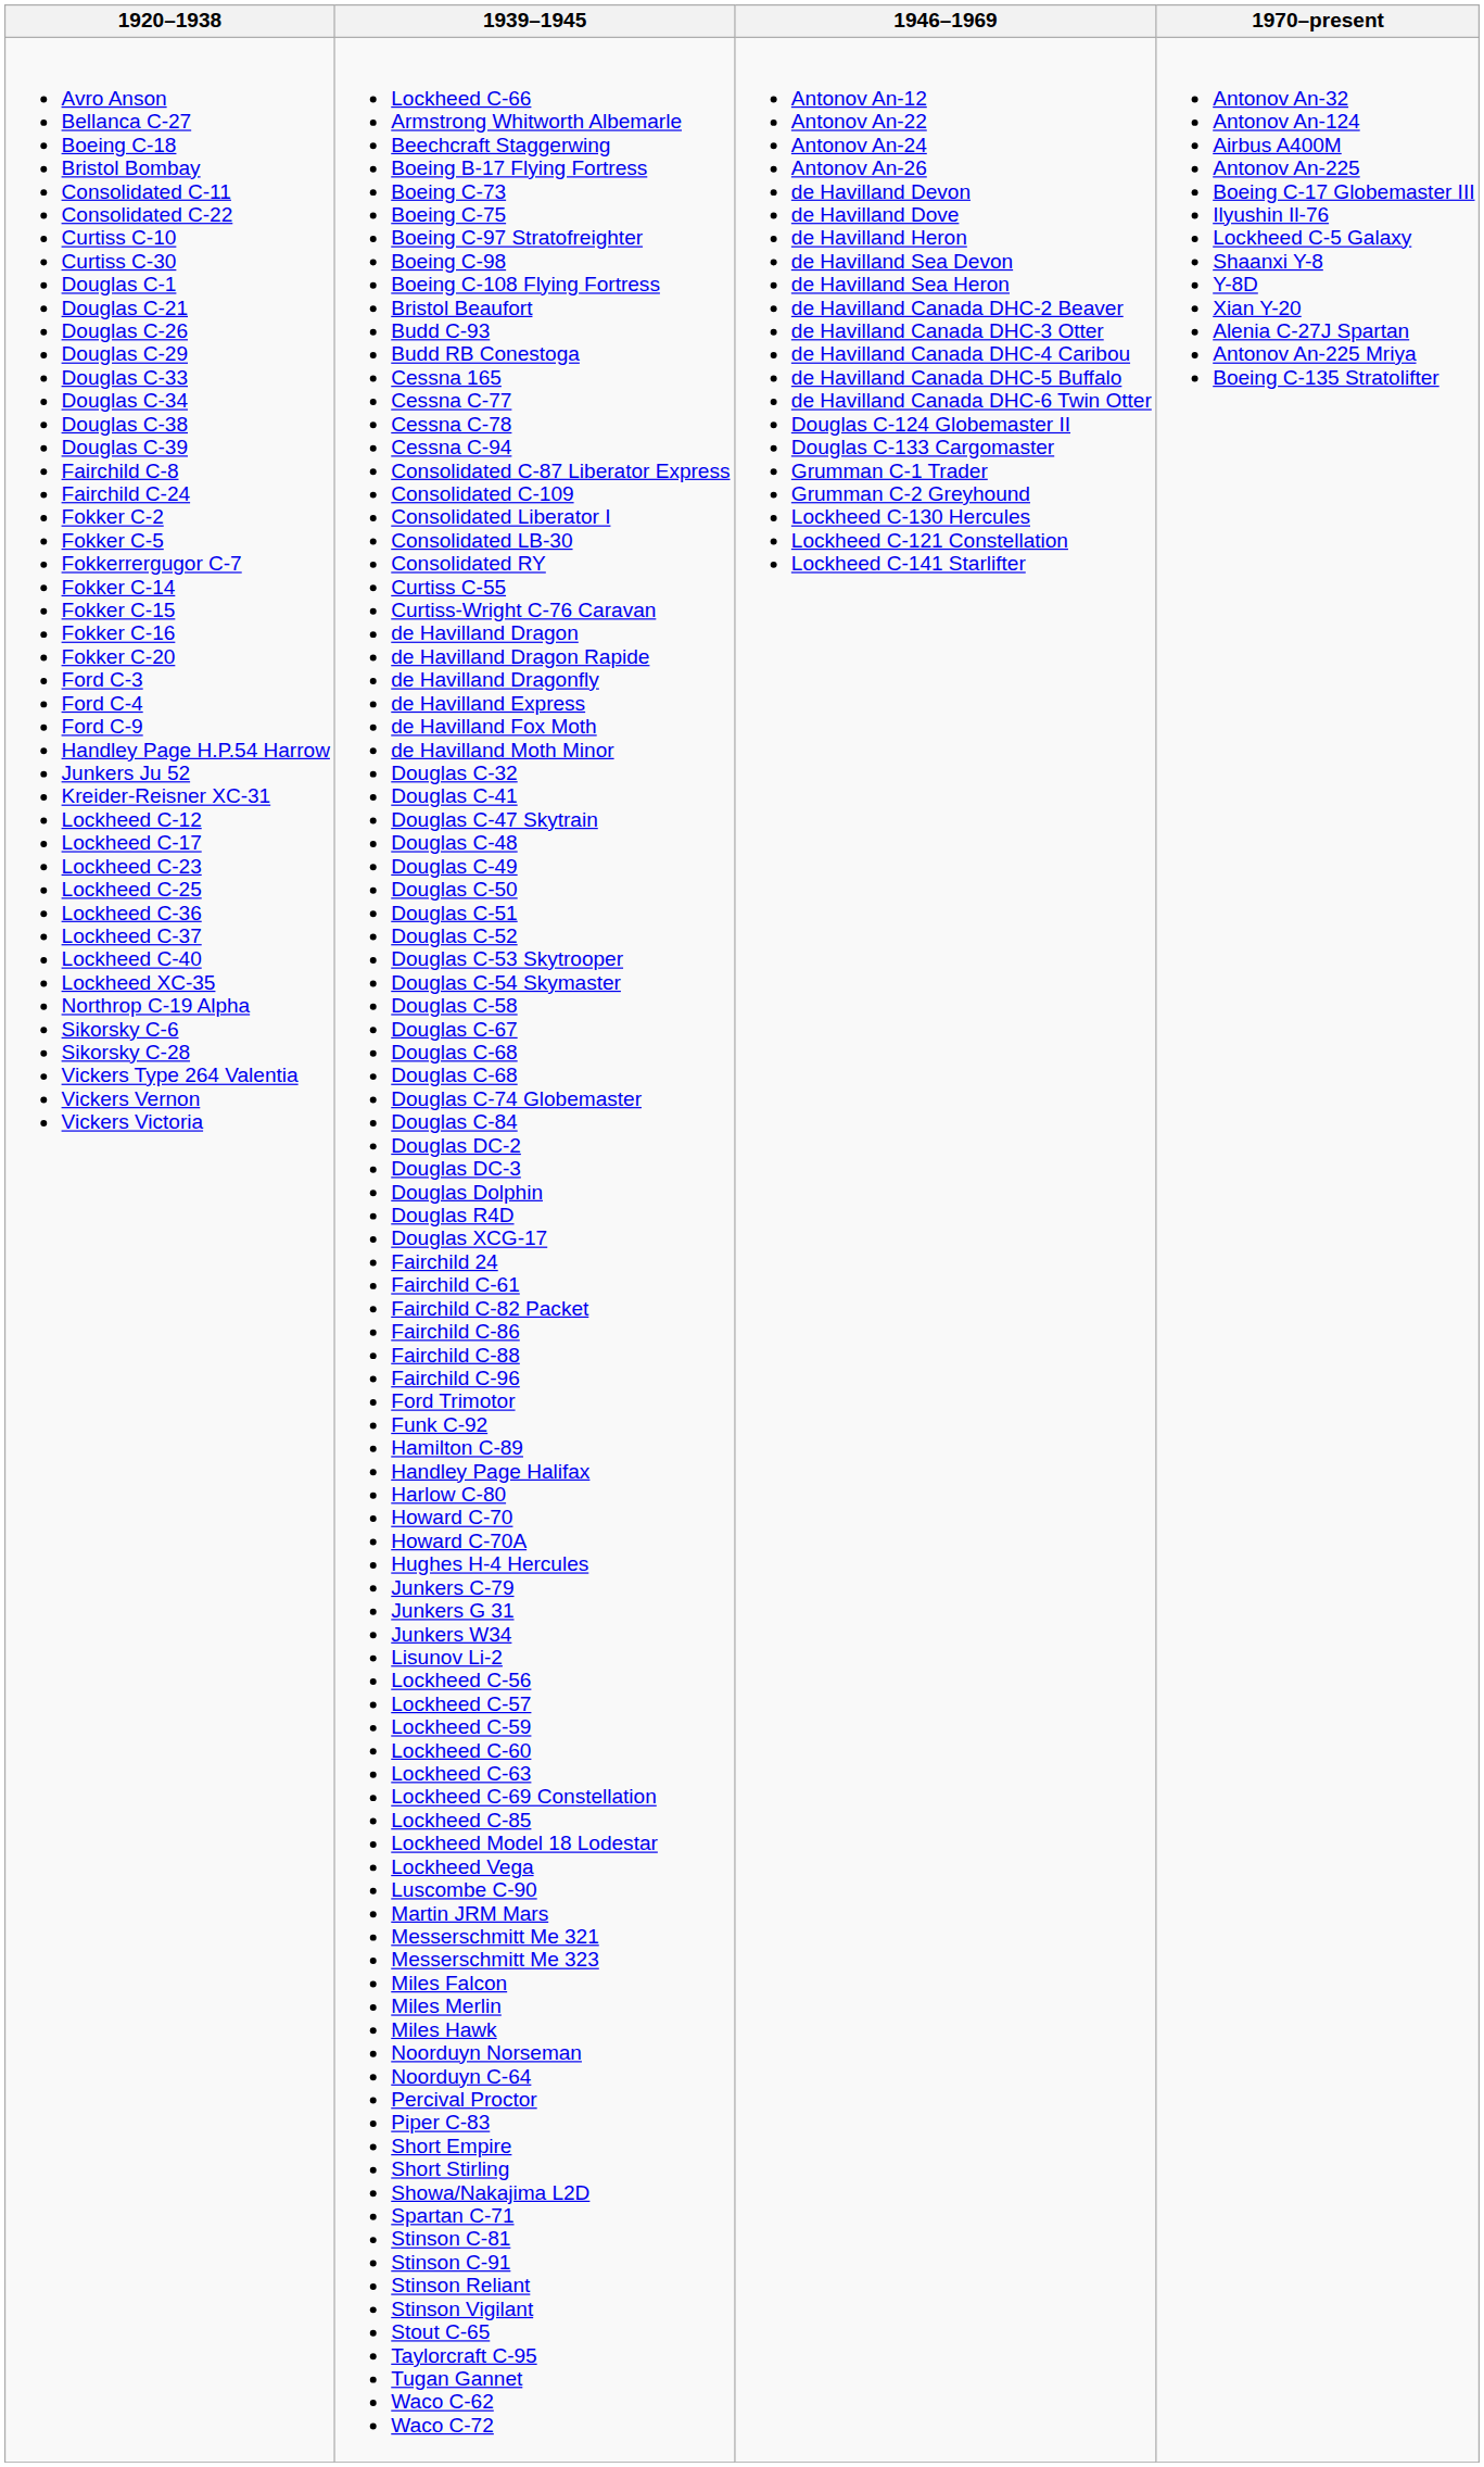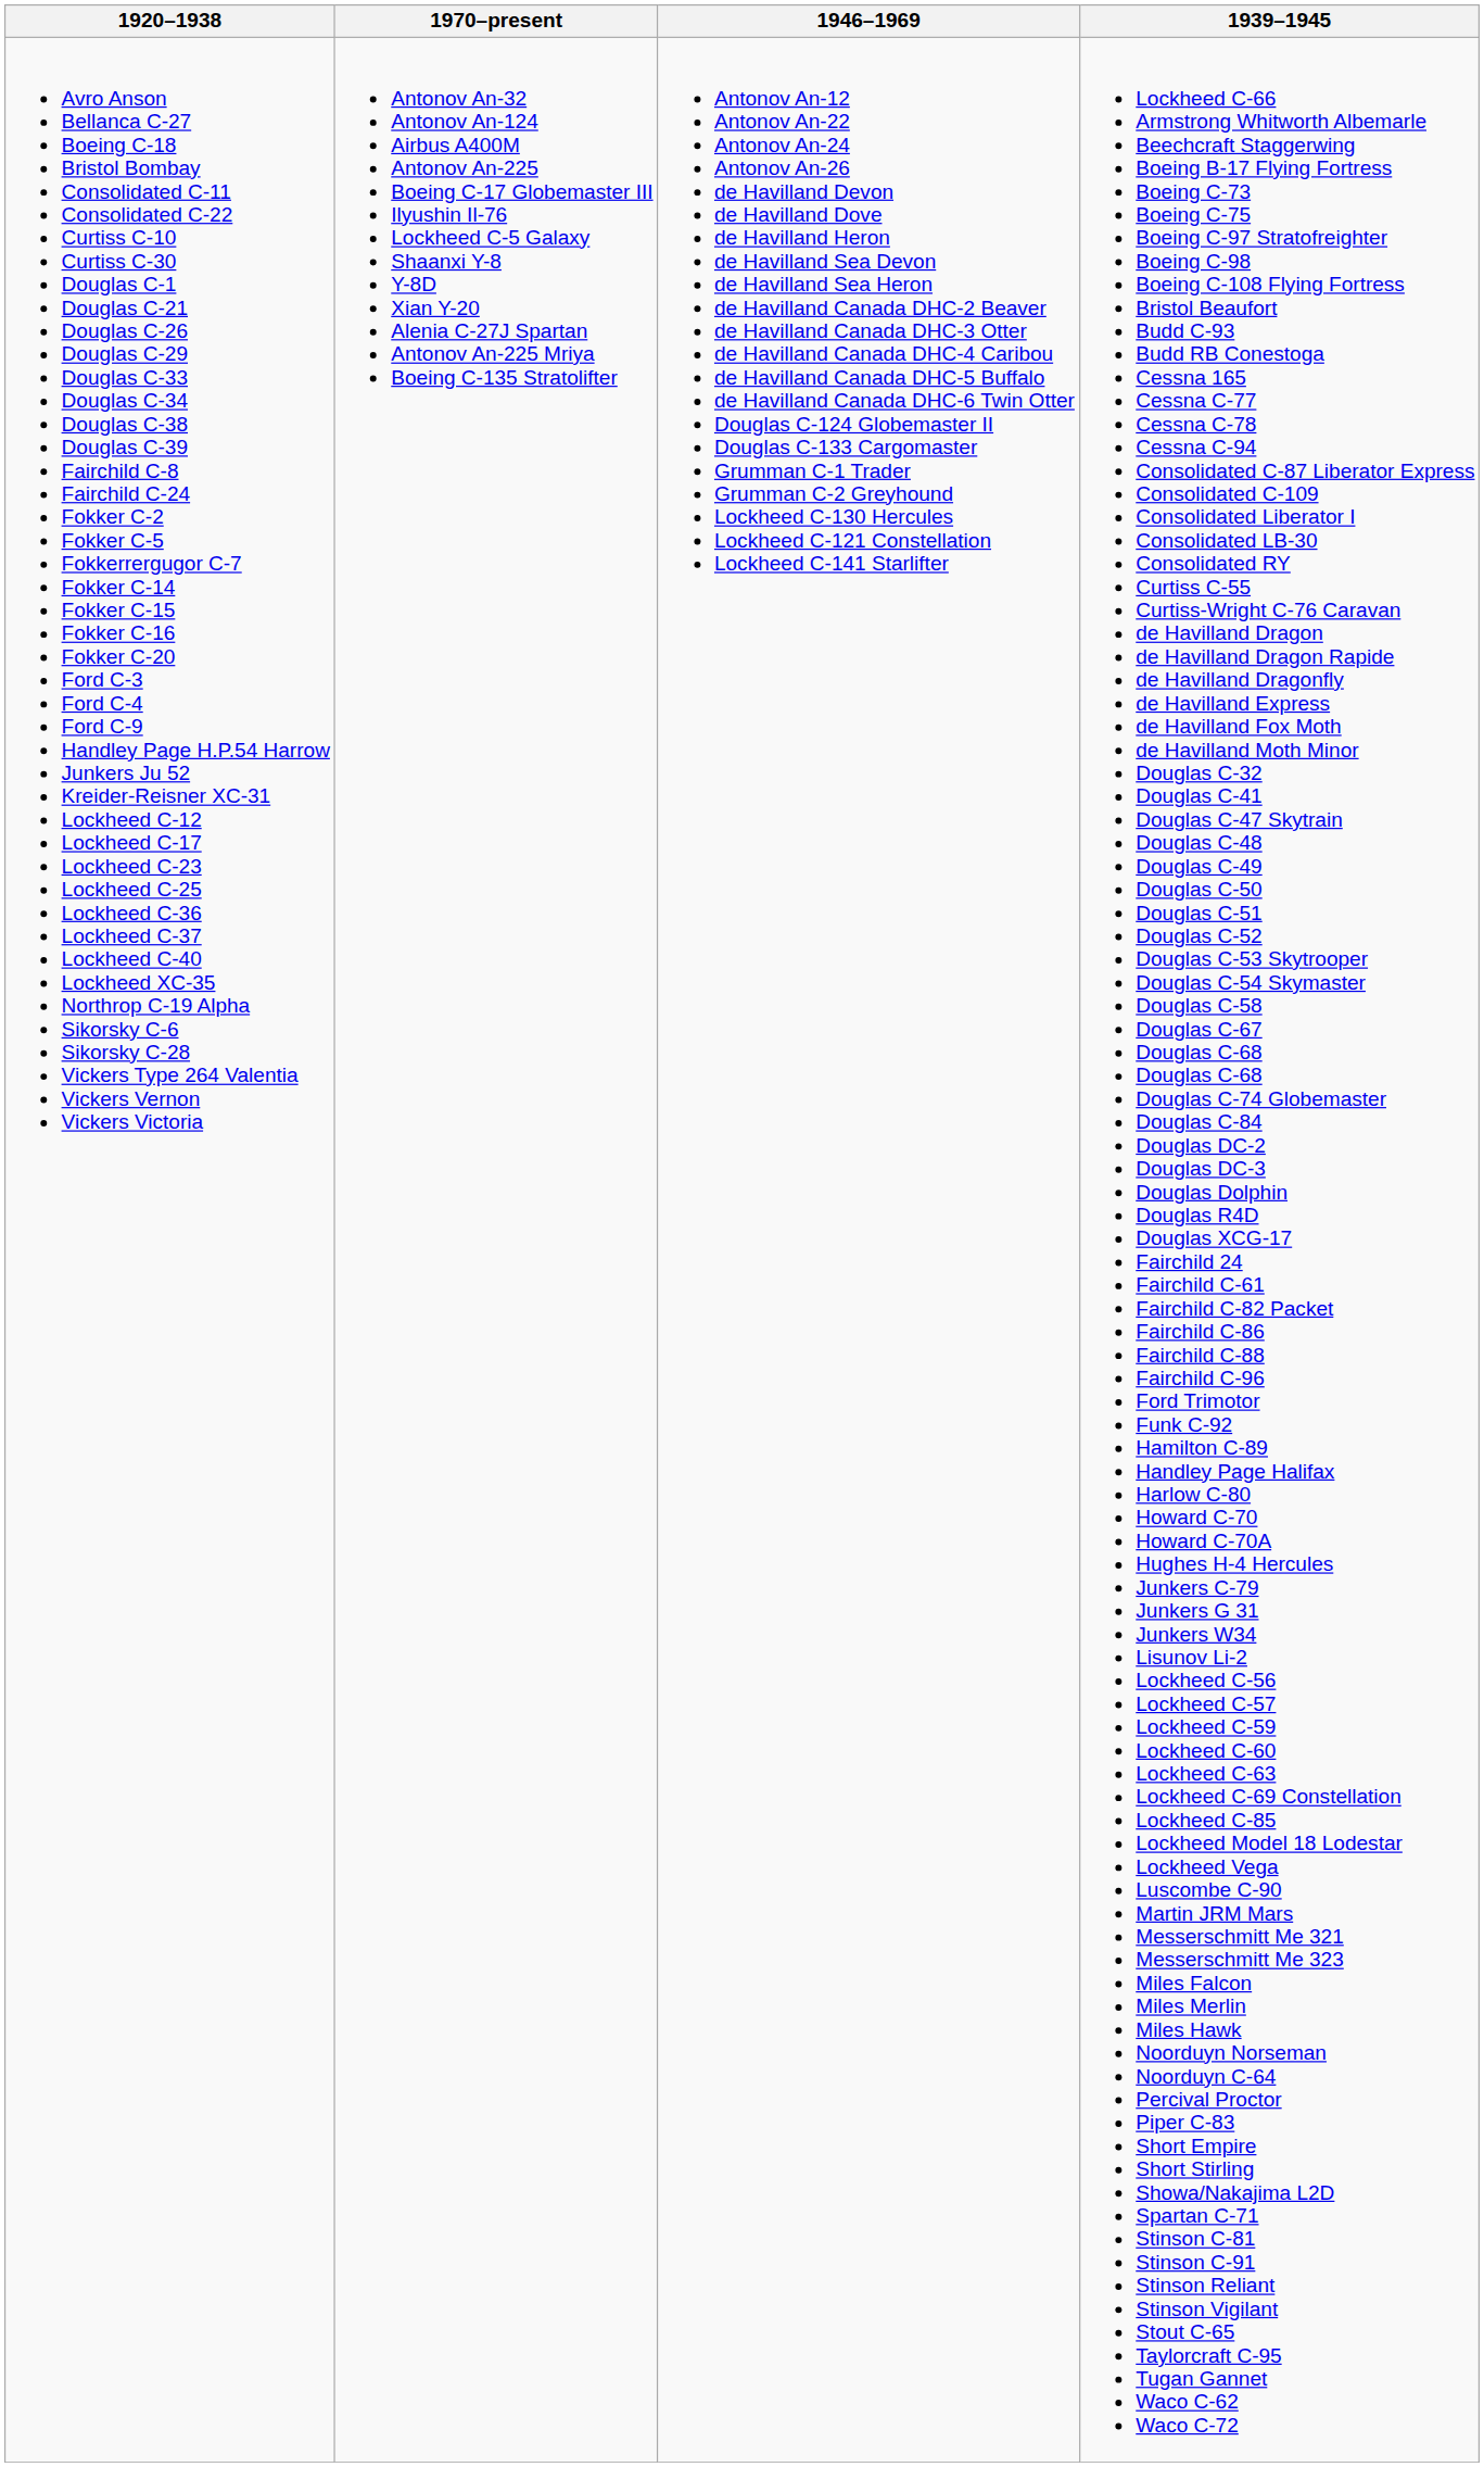 <table class="wikitable">
 <tr>
 <th>1920–1938</th>
+<th>1970–present</th>
+<th>1946–1969</th>
 <th>1939–1945</th>
-<th>1946–1969</th>
-<th>1970–present</th>
 </tr>
 <tr valign="top">
 <td><br><ul><li><a href='#'>Avro Anson</a></li><li><a href='#'>Bellanca C-27</a></li><li><a href='#'>Boeing C-18</a></li><li><a href='#'>Bristol Bombay</a></li><li><a href='#'>Consolidated C-11</a></li><li><a href='#'>Consolidated C-22</a></li><li><a href='#'>Curtiss C-10</a></li><li><a href='#'>Curtiss C-30</a></li><li><a href='#'>Douglas C-1</a></li><li><a href='#'>Douglas C-21</a></li><li><a href='#'>Douglas C-26</a></li><li><a href='#'>Douglas C-29</a></li><li><a href='#'>Douglas C-33</a></li><li><a href='#'>Douglas C-34</a></li><li><a href='#'>Douglas C-38</a></li><li><a href='#'>Douglas C-39</a></li><li><a href='#'>Fairchild C-8</a></li><li><a href='#'>Fairchild C-24</a></li><li><a href='#'>Fokker C-2</a></li><li><a href='#'>Fokker C-5</a></li><li><a href='#'>Fokkerrergugor C-7</a></li><li><a href='#'>Fokker C-14</a></li><li><a href='#'>Fokker C-15</a></li><li><a href='#'>Fokker C-16</a></li><li><a href='#'>Fokker C-20</a></li><li><a href='#'>Ford C-3</a></li><li><a href='#'>Ford C-4</a></li><li><a href='#'>Ford C-9</a></li><li><a href='#'>Handley Page H.P.54 Harrow</a></li><li><a href='#'>Junkers Ju 52</a></li><li><a href='#'>Kreider-Reisner XC-31</a></li><li><a href='#'>Lockheed C-12</a></li><li><a href='#'>Lockheed C-17</a></li><li><a href='#'>Lockheed C-23</a></li><li><a href='#'>Lockheed C-25</a></li><li><a href='#'>Lockheed C-36</a></li><li><a href='#'>Lockheed C-37</a></li><li><a href='#'>Lockheed C-40</a></li><li><a href='#'>Lockheed XC-35</a></li><li><a href='#'>Northrop C-19 Alpha</a></li><li><a href='#'>Sikorsky C-6</a></li><li><a href='#'>Sikorsky C-28</a></li><li><a href='#'>Vickers Type 264 Valentia</a></li><li><a href='#'>Vickers Vernon</a></li><li><a href='#'>Vickers Victoria</a></li></ul></td>
+<td><br><ul><li><a href='#'>Antonov An-32</a></li><li><a href='#'>Antonov An-124</a></li><li><a href='#'>Airbus A400M</a></li><li><a href='#'>Antonov An-225</a></li><li><a href='#'>Boeing C-17 Globemaster III</a></li><li><a href='#'>Ilyushin Il-76</a></li><li><a href='#'>Lockheed C-5 Galaxy</a></li><li><a href='#'>Shaanxi Y-8</a></li><li><a href='#'>Y-8D</a></li><li><a href='#'>Xian Y-20</a></li><li><a href='#'>Alenia C-27J Spartan</a></li><li><a href='#'>Antonov An-225 Mriya</a></li><li><a href='#'>Boeing C-135 Stratolifter</a></li></ul></td>
+<td><br><ul><li><a href='#'>Antonov An-12</a></li><li><a href='#'>Antonov An-22</a></li><li><a href='#'>Antonov An-24</a></li><li><a href='#'>Antonov An-26</a></li><li><a href='#'>de Havilland Devon</a></li><li><a href='#'>de Havilland Dove</a></li><li><a href='#'>de Havilland Heron</a></li><li><a href='#'>de Havilland Sea Devon</a></li><li><a href='#'>de Havilland Sea Heron</a></li><li><a href='#'>de Havilland Canada DHC-2 Beaver</a></li><li><a href='#'>de Havilland Canada DHC-3 Otter</a></li><li><a href='#'>de Havilland Canada DHC-4 Caribou</a></li><li><a href='#'>de Havilland Canada DHC-5 Buffalo</a></li><li><a href='#'>de Havilland Canada DHC-6 Twin Otter</a></li><li><a href='#'>Douglas C-124 Globemaster II</a></li><li><a href='#'>Douglas C-133 Cargomaster</a></li><li><a href='#'>Grumman C-1 Trader</a></li><li><a href='#'>Grumman C-2 Greyhound</a></li><li><a href='#'>Lockheed C-130 Hercules</a></li><li><a href='#'>Lockheed C-121 Constellation</a></li><li><a href='#'>Lockheed C-141 Starlifter</a></li></ul></td>
 <td><br><ul><li><a href='#'>Lockheed C-66</a></li><li><a href='#'>Armstrong Whitworth Albemarle</a></li><li><a href='#'>Beechcraft Staggerwing</a></li><li><a href='#'>Boeing B-17 Flying Fortress</a></li><li><a href='#'>Boeing C-73</a></li><li><a href='#'>Boeing C-75</a></li><li><a href='#'>Boeing C-97 Stratofreighter</a></li><li><a href='#'>Boeing C-98</a></li><li><a href='#'>Boeing C-108 Flying Fortress</a></li><li><a href='#'>Bristol Beaufort</a></li><li><a href='#'>Budd C-93</a></li><li><a href='#'>Budd RB Conestoga</a></li><li><a href='#'>Cessna 165</a></li><li><a href='#'>Cessna C-77</a></li><li><a href='#'>Cessna C-78</a></li><li><a href='#'>Cessna C-94</a></li><li><a href='#'>Consolidated C-87 Liberator Express</a></li><li><a href='#'>Consolidated C-109</a></li><li><a href='#'>Consolidated Liberator I</a></li><li><a href='#'>Consolidated LB-30</a></li><li><a href='#'>Consolidated RY</a></li><li><a href='#'>Curtiss C-55</a></li><li><a href='#'>Curtiss-Wright C-76 Caravan</a></li><li><a href='#'>de Havilland Dragon</a></li><li><a href='#'>de Havilland Dragon Rapide</a></li><li><a href='#'>de Havilland Dragonfly</a></li><li><a href='#'>de Havilland Express</a></li><li><a href='#'>de Havilland Fox Moth</a></li><li><a href='#'>de Havilland Moth Minor</a></li><li><a href='#'>Douglas C-32</a></li><li><a href='#'>Douglas C-41</a></li><li><a href='#'>Douglas C-47 Skytrain</a></li><li><a href='#'>Douglas C-48</a></li><li><a href='#'>Douglas C-49</a></li><li><a href='#'>Douglas C-50</a></li><li><a href='#'>Douglas C-51</a></li><li><a href='#'>Douglas C-52</a></li><li><a href='#'>Douglas C-53 Skytrooper</a></li><li><a href='#'>Douglas C-54 Skymaster</a></li><li><a href='#'>Douglas C-58</a></li><li><a href='#'>Douglas C-67</a></li><li><a href='#'>Douglas C-68</a></li><li><a href='#'>Douglas C-68</a></li><li><a href='#'>Douglas C-74 Globemaster</a></li><li><a href='#'>Douglas C-84</a></li><li><a href='#'>Douglas DC-2</a></li><li><a href='#'>Douglas DC-3</a></li><li><a href='#'>Douglas Dolphin</a></li><li><a href='#'>Douglas R4D</a></li><li><a href='#'>Douglas XCG-17</a></li><li><a href='#'>Fairchild 24</a></li><li><a href='#'>Fairchild C-61</a></li><li><a href='#'>Fairchild C-82 Packet</a></li><li><a href='#'>Fairchild C-86</a></li><li><a href='#'>Fairchild C-88</a></li><li><a href='#'>Fairchild C-96</a></li><li><a href='#'>Ford Trimotor</a></li><li><a href='#'>Funk C-92</a></li><li><a href='#'>Hamilton C-89</a></li><li><a href='#'>Handley Page Halifax</a></li><li><a href='#'>Harlow C-80</a></li><li><a href='#'>Howard C-70</a></li><li><a href='#'>Howard C-70A</a></li><li><a href='#'>Hughes H-4 Hercules</a></li><li><a href='#'>Junkers C-79</a></li><li><a href='#'>Junkers G 31</a></li><li><a href='#'>Junkers W34</a></li><li><a href='#'>Lisunov Li-2</a></li><li><a href='#'>Lockheed C-56</a></li><li><a href='#'>Lockheed C-57</a></li><li><a href='#'>Lockheed C-59</a></li><li><a href='#'>Lockheed C-60</a></li><li><a href='#'>Lockheed C-63</a></li><li><a href='#'>Lockheed C-69 Constellation</a></li><li><a href='#'>Lockheed C-85</a></li><li><a href='#'>Lockheed Model 18 Lodestar</a></li><li><a href='#'>Lockheed Vega</a></li><li><a href='#'>Luscombe C-90</a></li><li><a href='#'>Martin JRM Mars</a></li><li><a href='#'>Messerschmitt Me 321</a></li><li><a href='#'>Messerschmitt Me 323</a></li><li><a href='#'>Miles Falcon</a></li><li><a href='#'>Miles Merlin</a></li><li><a href='#'>Miles Hawk</a></li><li><a href='#'>Noorduyn Norseman</a></li><li><a href='#'>Noorduyn C-64</a></li><li><a href='#'>Percival Proctor</a></li><li><a href='#'>Piper C-83</a></li><li><a href='#'>Short Empire</a></li><li><a href='#'>Short Stirling</a></li><li><a href='#'>Showa/Nakajima L2D</a></li><li><a href='#'>Spartan C-71</a></li><li><a href='#'>Stinson C-81</a></li><li><a href='#'>Stinson C-91</a></li><li><a href='#'>Stinson Reliant</a></li><li><a href='#'>Stinson Vigilant</a></li><li><a href='#'>Stout C-65</a></li><li><a href='#'>Taylorcraft C-95</a></li><li><a href='#'>Tugan Gannet</a></li><li><a href='#'>Waco C-62</a></li><li><a href='#'>Waco C-72</a></li></ul></td>
-<td><br><ul><li><a href='#'>Antonov An-12</a></li><li><a href='#'>Antonov An-22</a></li><li><a href='#'>Antonov An-24</a></li><li><a href='#'>Antonov An-26</a></li><li><a href='#'>de Havilland Devon</a></li><li><a href='#'>de Havilland Dove</a></li><li><a href='#'>de Havilland Heron</a></li><li><a href='#'>de Havilland Sea Devon</a></li><li><a href='#'>de Havilland Sea Heron</a></li><li><a href='#'>de Havilland Canada DHC-2 Beaver</a></li><li><a href='#'>de Havilland Canada DHC-3 Otter</a></li><li><a href='#'>de Havilland Canada DHC-4 Caribou</a></li><li><a href='#'>de Havilland Canada DHC-5 Buffalo</a></li><li><a href='#'>de Havilland Canada DHC-6 Twin Otter</a></li><li><a href='#'>Douglas C-124 Globemaster II</a></li><li><a href='#'>Douglas C-133 Cargomaster</a></li><li><a href='#'>Grumman C-1 Trader</a></li><li><a href='#'>Grumman C-2 Greyhound</a></li><li><a href='#'>Lockheed C-130 Hercules</a></li><li><a href='#'>Lockheed C-121 Constellation</a></li><li><a href='#'>Lockheed C-141 Starlifter</a></li></ul></td>
-<td><br><ul><li><a href='#'>Antonov An-32</a></li><li><a href='#'>Antonov An-124</a></li><li><a href='#'>Airbus A400M</a></li><li><a href='#'>Antonov An-225</a></li><li><a href='#'>Boeing C-17 Globemaster III</a></li><li><a href='#'>Ilyushin Il-76</a></li><li><a href='#'>Lockheed C-5 Galaxy</a></li><li><a href='#'>Shaanxi Y-8</a></li><li><a href='#'>Y-8D</a></li><li><a href='#'>Xian Y-20</a></li><li><a href='#'>Alenia C-27J Spartan</a></li><li><a href='#'>Antonov An-225 Mriya</a></li><li><a href='#'>Boeing C-135 Stratolifter</a></li></ul></td>
 </tr>
 </table>
